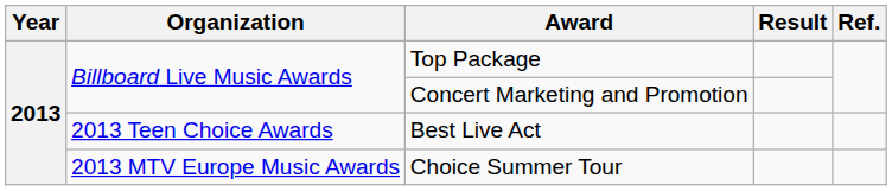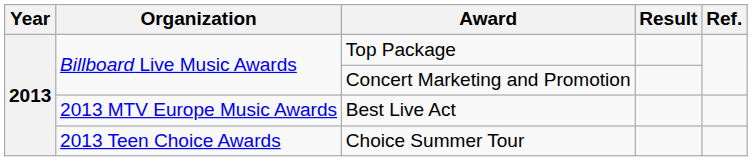 <table class="wikitable plainrowheaders">
 <tr>
 <th>Year</th>
 <th>Organization</th>
 <th>Award</th>
 <th>Result</th>
 <th>Ref.</th>
 </tr>
 <tr>
 <th scope="row" rowspan="4">2013</th>
 <td rowspan=2><a href='#'><em>Billboard</em> Live Music Awards</a></td>
 <td>Top Package</td>
 <td></td>
 <td rowspan=2></td>
 </tr>
 <tr>
 <td>Concert Marketing and Promotion</td>
 <td></td>
 </tr>
 <tr>
-<td><a href='#'>2013 Teen Choice Awards</a></td>
+<td><a href='#'>2013 MTV Europe Music Awards</a></td>
 <td>Best Live Act</td>
 <td></td>
 <td></td>
 </tr>
 <tr>
-<td><a href='#'>2013 MTV Europe Music Awards</a></td>
+<td><a href='#'>2013 Teen Choice Awards</a></td>
 <td>Choice Summer Tour</td>
 <td></td>
 <td></td>
 </tr>
 </table>
